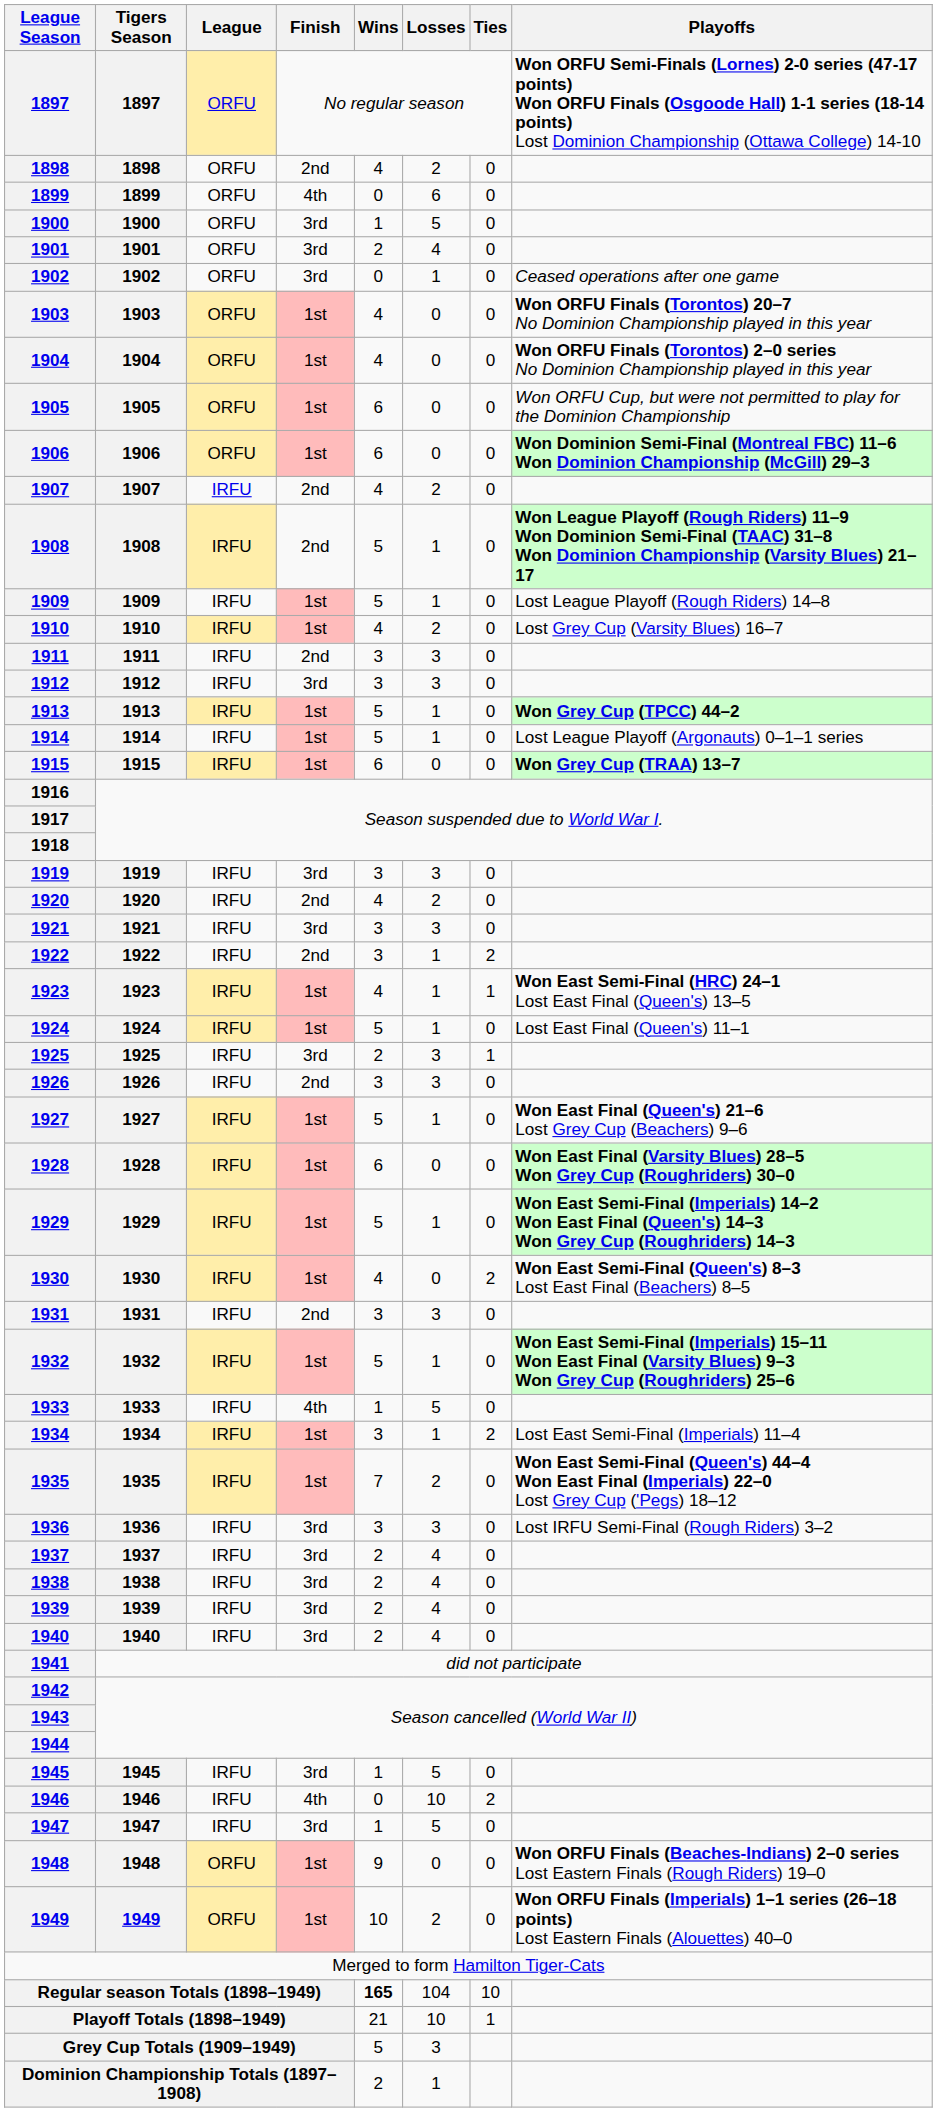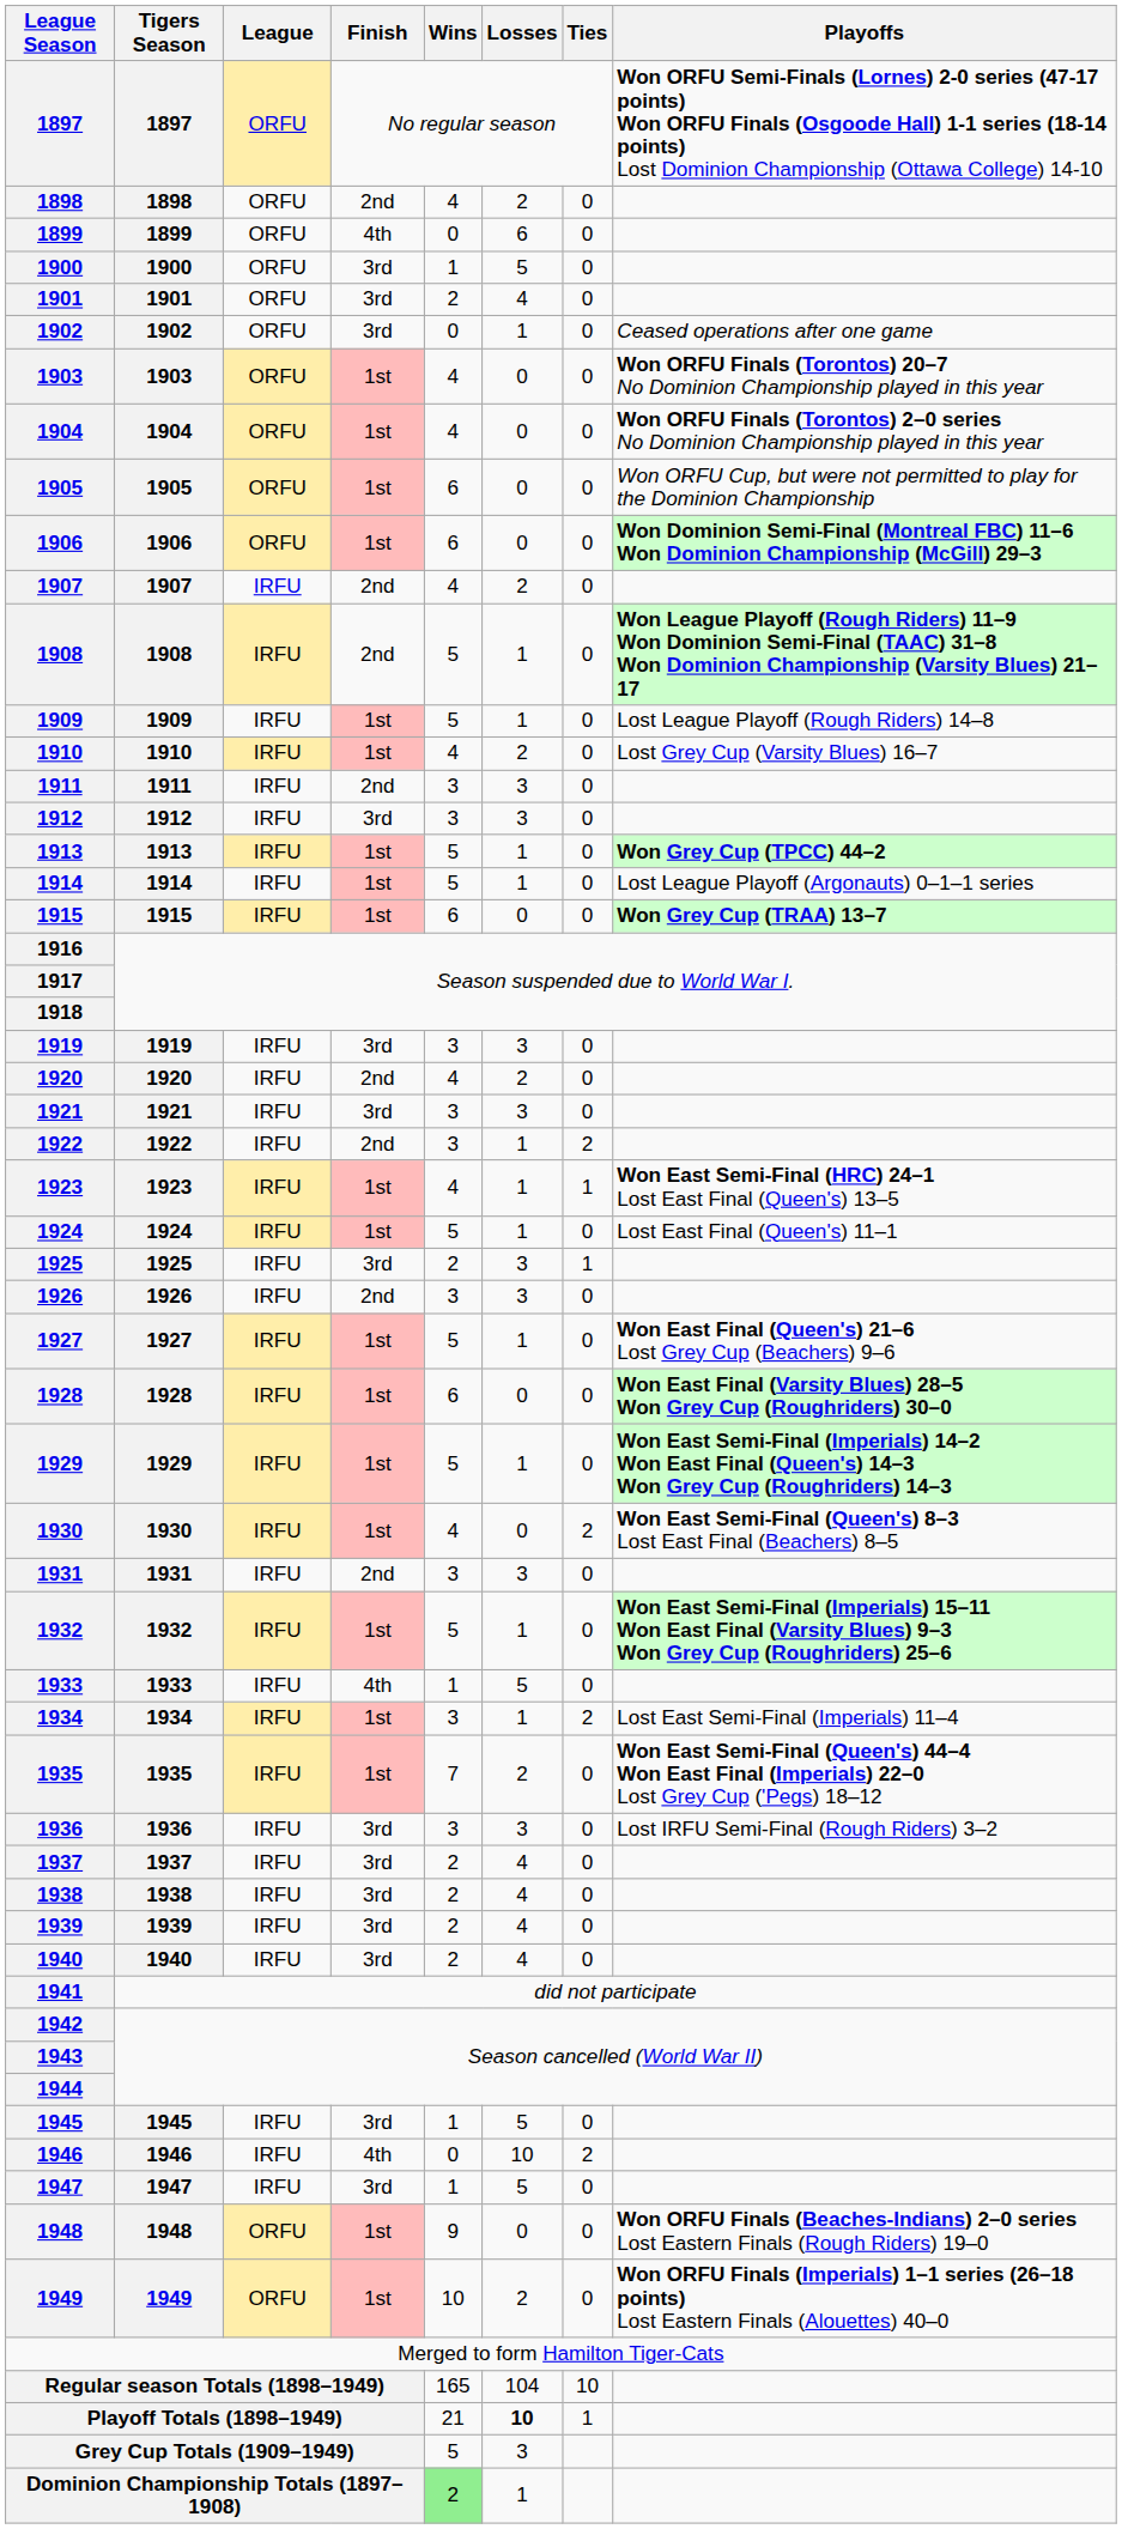 <table class="wikitable">
 <tr>
 <th><a href='#'>League<br>Season</a></th>
 <th>Tigers<br>Season</th>
 <th>League</th>
 <th>Finish</th>
 <th>Wins</th>
 <th>Losses</th>
 <th>Ties</th>
 <th>Playoffs</th>
 </tr>
 <tr>
 <th align="center"><a href='#'>1897</a></th>
 <th align="center">1897</th>
 <td style="background: #FFEEAA" align="center"><a href='#'>ORFU</a></td>
 <td align="center" colspan=4><em>No regular season</em></td>
 <td><strong>Won ORFU Semi-Finals (<a href='#'>Lornes</a>) 2-0 series (47-17 points)</strong><br><strong>Won ORFU Finals (<a href='#'>Osgoode Hall</a>) 1-1 series (18-14 points)</strong><br>Lost <a href='#'>Dominion Championship</a> (<a href='#'>Ottawa College</a>) 14-10</td>
 </tr>
 <tr>
 <th align="center"><a href='#'>1898</a></th>
 <th align="center">1898</th>
 <td align="center">ORFU</td>
 <td align="center">2nd</td>
 <td align="center">4</td>
 <td align="center">2</td>
 <td align="center">0</td>
 <td></td>
 </tr>
 <tr>
 <th align="center"><a href='#'>1899</a></th>
 <th align="center">1899</th>
 <td align="center">ORFU</td>
 <td align="center">4th</td>
 <td align="center">0</td>
 <td align="center">6</td>
 <td align="center">0</td>
 <td></td>
 </tr>
 <tr>
 <th align="center"><a href='#'>1900</a></th>
 <th align="center">1900</th>
 <td align="center">ORFU</td>
 <td align="center">3rd</td>
 <td align="center">1</td>
 <td align="center">5</td>
 <td align="center">0</td>
 <td></td>
 </tr>
 <tr>
 <th align="center"><a href='#'>1901</a></th>
 <th align="center">1901</th>
 <td align="center">ORFU</td>
 <td align="center">3rd</td>
 <td align="center">2</td>
 <td align="center">4</td>
 <td align="center">0</td>
 <td></td>
 </tr>
 <tr>
 <th align="center"><a href='#'>1902</a></th>
 <th align="center">1902</th>
 <td align="center">ORFU</td>
 <td align="center">3rd</td>
 <td align="center">0</td>
 <td align="center">1</td>
 <td align="center">0</td>
 <td><em>Ceased operations after one game</em></td>
 </tr>
 <tr>
 <th align="center"><a href='#'>1903</a></th>
 <th align="center">1903</th>
 <td style="background: #FFEEAA" align="center">ORFU</td>
 <td align="center" bgcolor="#ffbbbb">1st</td>
 <td align="center">4</td>
 <td align="center">0</td>
 <td align="center">0</td>
 <td><strong>Won ORFU Finals (<a href='#'>Torontos</a>) 20–7</strong><br><em>No Dominion Championship played in this year</em></td>
 </tr>
 <tr>
 <th align="center"><a href='#'>1904</a></th>
 <th align="center">1904</th>
 <td style="background: #FFEEAA" align="center">ORFU</td>
 <td align="center" bgcolor="#ffbbbb">1st</td>
 <td align="center">4</td>
 <td align="center">0</td>
 <td align="center">0</td>
 <td><strong>Won ORFU Finals (<a href='#'>Torontos</a>) 2–0 series</strong><br><em>No Dominion Championship played in this year</em></td>
 </tr>
 <tr>
 <th align="center"><a href='#'>1905</a></th>
 <th align="center">1905</th>
 <td style="background: #FFEEAA" align="center">ORFU</td>
 <td align="center" bgcolor="#ffbbbb">1st</td>
 <td align="center">6</td>
 <td align="center">0</td>
 <td align="center">0</td>
 <td><em>Won ORFU Cup, but were not permitted to play for</em><br><em>the Dominion Championship</em></td>
 </tr>
 <tr>
 <th align="center"><a href='#'>1906</a></th>
 <th align="center">1906</th>
 <td style="background: #FFEEAA" align="center">ORFU</td>
 <td align="center" bgcolor="#ffbbbb">1st</td>
 <td align="center">6</td>
 <td align="center">0</td>
 <td align="center">0</td>
 <td style="background: #CCFFCC;"><strong>Won Dominion Semi-Final (<a href='#'>Montreal FBC</a>) 11–6</strong><br><strong>Won <a href='#'>Dominion Championship</a> (<a href='#'>McGill</a>) 29–3</strong></td>
 </tr>
 <tr>
 <th align="center"><a href='#'>1907</a></th>
 <th align="center">1907</th>
 <td align="center"><a href='#'>IRFU</a></td>
 <td align="center">2nd</td>
 <td align="center">4</td>
 <td align="center">2</td>
 <td align="center">0</td>
 <td></td>
 </tr>
 <tr>
 <th align="center"><a href='#'>1908</a></th>
 <th align="center">1908</th>
 <td style="background: #FFEEAA" align="center">IRFU</td>
 <td align="center">2nd</td>
 <td align="center">5</td>
 <td align="center">1</td>
 <td align="center">0</td>
 <td style="background: #CCFFCC;"><strong>Won League Playoff (<a href='#'>Rough Riders</a>) 11–9</strong><br><strong>Won Dominion Semi-Final (<a href='#'>TAAC</a>) 31–8</strong><br><strong>Won <a href='#'>Dominion Championship</a> (<a href='#'>Varsity Blues</a>) 21–17</strong></td>
 </tr>
 <tr>
 <th align="center"><a href='#'>1909</a></th>
 <th align="center">1909</th>
 <td align="center">IRFU</td>
 <td align="center" bgcolor="#ffbbbb">1st</td>
 <td align="center">5</td>
 <td align="center">1</td>
 <td align="center">0</td>
 <td>Lost League Playoff (<a href='#'>Rough Riders</a>) 14–8</td>
 </tr>
 <tr>
 <th align="center"><a href='#'>1910</a></th>
 <th align="center">1910</th>
 <td style="background: #FFEEAA" align="center">IRFU</td>
 <td align="center" bgcolor="#ffbbbb">1st</td>
 <td align="center">4</td>
 <td align="center">2</td>
 <td align="center">0</td>
 <td>Lost <a href='#'>Grey Cup</a> (<a href='#'>Varsity Blues</a>) 16–7</td>
 </tr>
 <tr>
 <th align="center"><a href='#'>1911</a></th>
 <th align="center">1911</th>
 <td align="center">IRFU</td>
 <td align="center">2nd</td>
 <td align="center">3</td>
 <td align="center">3</td>
 <td align="center">0</td>
 <td></td>
 </tr>
 <tr>
 <th align="center"><a href='#'>1912</a></th>
 <th align="center">1912</th>
 <td align="center">IRFU</td>
 <td align="center">3rd</td>
 <td align="center">3</td>
 <td align="center">3</td>
 <td align="center">0</td>
 <td></td>
 </tr>
 <tr>
 <th align="center"><a href='#'>1913</a></th>
 <th align="center">1913</th>
 <td style="background: #FFEEAA" align="center">IRFU</td>
 <td align="center" bgcolor="#ffbbbb">1st</td>
 <td align="center">5</td>
 <td align="center">1</td>
 <td align="center">0</td>
 <td style="background: #CCFFCC;"><strong>Won <a href='#'>Grey Cup</a> (<a href='#'>TPCC</a>) 44–2</strong></td>
 </tr>
 <tr>
 <th align="center"><a href='#'>1914</a></th>
 <th align="center">1914</th>
 <td align="center">IRFU</td>
 <td align="center" bgcolor="#ffbbbb">1st</td>
 <td align="center">5</td>
 <td align="center">1</td>
 <td align="center">0</td>
 <td>Lost League Playoff (<a href='#'>Argonauts</a>) 0–1–1 series</td>
 </tr>
 <tr>
 <th align="center"><a href='#'>1915</a></th>
 <th align="center">1915</th>
 <td style="background: #FFEEAA" align="center">IRFU</td>
 <td align="center" bgcolor="#ffbbbb">1st</td>
 <td align="center">6</td>
 <td align="center">0</td>
 <td align="center">0</td>
 <td style="background: #CCFFCC;"><strong>Won <a href='#'>Grey Cup</a> (<a href='#'>TRAA</a>) 13–7</strong></td>
 </tr>
 <tr>
 <th align="center">1916</th>
 <td colspan="7" rowspan="3" align="center"><em>Season suspended due to <a href='#'>World War I</a>.</em></td>
 </tr>
 <tr>
 <th align="center">1917</th>
 </tr>
 <tr>
 <th align="center">1918</th>
 </tr>
 <tr>
 <th align="center"><a href='#'>1919</a></th>
 <th align="center">1919</th>
 <td align="center">IRFU</td>
 <td align="center">3rd</td>
 <td align="center">3</td>
 <td align="center">3</td>
 <td align="center">0</td>
 <td></td>
 </tr>
 <tr>
 <th align="center"><a href='#'>1920</a></th>
 <th align="center">1920</th>
 <td align="center">IRFU</td>
 <td align="center">2nd</td>
 <td align="center">4</td>
 <td align="center">2</td>
 <td align="center">0</td>
 <td></td>
 </tr>
 <tr>
 <th align="center"><a href='#'>1921</a></th>
 <th align="center">1921</th>
 <td align="center">IRFU</td>
 <td align="center">3rd</td>
 <td align="center">3</td>
 <td align="center">3</td>
 <td align="center">0</td>
 <td></td>
 </tr>
 <tr>
 <th align="center"><a href='#'>1922</a></th>
 <th align="center">1922</th>
 <td align="center">IRFU</td>
 <td align="center">2nd</td>
 <td align="center">3</td>
 <td align="center">1</td>
 <td align="center">2</td>
 <td></td>
 </tr>
 <tr>
 <th align="center"><a href='#'>1923</a></th>
 <th align="center">1923</th>
 <td style="background: #FFEEAA" align="center">IRFU</td>
 <td align="center" bgcolor="#ffbbbb">1st</td>
 <td align="center">4</td>
 <td align="center">1</td>
 <td align="center">1</td>
 <td><strong>Won East Semi-Final (<a href='#'>HRC</a>) 24–1</strong><br>Lost East Final (<a href='#'>Queen's</a>) 13–5</td>
 </tr>
 <tr>
 <th align="center"><a href='#'>1924</a></th>
 <th align="center">1924</th>
 <td style="background: #FFEEAA" align="center">IRFU</td>
 <td align="center" bgcolor="#ffbbbb">1st</td>
 <td align="center">5</td>
 <td align="center">1</td>
 <td align="center">0</td>
 <td>Lost East Final (<a href='#'>Queen's</a>) 11–1</td>
 </tr>
 <tr>
 <th align="center"><a href='#'>1925</a></th>
 <th align="center">1925</th>
 <td align="center">IRFU</td>
 <td align="center">3rd</td>
 <td align="center">2</td>
 <td align="center">3</td>
 <td align="center">1</td>
 <td></td>
 </tr>
 <tr>
 <th align="center"><a href='#'>1926</a></th>
 <th align="center">1926</th>
 <td align="center">IRFU</td>
 <td align="center">2nd</td>
 <td align="center">3</td>
 <td align="center">3</td>
 <td align="center">0</td>
 <td></td>
 </tr>
 <tr>
 <th align="center"><a href='#'>1927</a></th>
 <th align="center">1927</th>
 <td style="background: #FFEEAA" align="center">IRFU</td>
 <td align="center" bgcolor="#ffbbbb">1st</td>
 <td align="center">5</td>
 <td align="center">1</td>
 <td align="center">0</td>
 <td><strong>Won East Final (<a href='#'>Queen's</a>) 21–6</strong><br>Lost <a href='#'>Grey Cup</a> (<a href='#'>Beachers</a>) 9–6</td>
 </tr>
 <tr>
 <th align="center"><a href='#'>1928</a></th>
 <th align="center">1928</th>
 <td style="background: #FFEEAA" align="center">IRFU</td>
 <td align="center" bgcolor="#ffbbbb">1st</td>
 <td align="center">6</td>
 <td align="center">0</td>
 <td align="center">0</td>
 <td style="background: #CCFFCC;"><strong>Won East Final (<a href='#'>Varsity Blues</a>) 28–5</strong><br><strong>Won <a href='#'>Grey Cup</a> (<a href='#'>Roughriders</a>) 30–0</strong></td>
 </tr>
 <tr>
 <th align="center"><a href='#'>1929</a></th>
 <th align="center">1929</th>
 <td style="background: #FFEEAA" align="center">IRFU</td>
 <td align="center" bgcolor="#ffbbbb">1st</td>
 <td align="center">5</td>
 <td align="center">1</td>
 <td align="center">0</td>
 <td style="background: #CCFFCC;"><strong>Won East Semi-Final (<a href='#'>Imperials</a>) 14–2</strong><br><strong>Won East Final (<a href='#'>Queen's</a>) 14–3</strong><br><strong>Won <a href='#'>Grey Cup</a> (<a href='#'>Roughriders</a>) 14–3</strong></td>
 </tr>
 <tr>
 <th align="center"><a href='#'>1930</a></th>
 <th align="center">1930</th>
 <td style="background: #FFEEAA" align="center">IRFU</td>
 <td align="center" bgcolor="#ffbbbb">1st</td>
 <td align="center">4</td>
 <td align="center">0</td>
 <td align="center">2</td>
 <td><strong>Won East Semi-Final (<a href='#'>Queen's</a>) 8–3</strong><br>Lost East Final (<a href='#'>Beachers</a>) 8–5</td>
 </tr>
 <tr>
 <th align="center"><a href='#'>1931</a></th>
 <th align="center">1931</th>
 <td align="center">IRFU</td>
 <td align="center">2nd</td>
 <td align="center">3</td>
 <td align="center">3</td>
 <td align="center">0</td>
 <td></td>
 </tr>
 <tr>
 <th align="center"><a href='#'>1932</a></th>
 <th align="center">1932</th>
 <td style="background: #FFEEAA" align="center">IRFU</td>
 <td align="center" bgcolor="#ffbbbb">1st</td>
 <td align="center">5</td>
 <td align="center">1</td>
 <td align="center">0</td>
 <td style="background: #CCFFCC;"><strong>Won East Semi-Final (<a href='#'>Imperials</a>) 15–11</strong><br><strong>Won East Final (<a href='#'>Varsity Blues</a>) 9–3</strong><br><strong>Won <a href='#'>Grey Cup</a> (<a href='#'>Roughriders</a>) 25–6</strong></td>
 </tr>
 <tr>
 <th align="center"><a href='#'>1933</a></th>
 <th align="center">1933</th>
 <td align="center">IRFU</td>
 <td align="center">4th</td>
 <td align="center">1</td>
 <td align="center">5</td>
 <td align="center">0</td>
 <td></td>
 </tr>
 <tr>
 <th align="center"><a href='#'>1934</a></th>
 <th align="center">1934</th>
 <td style="background: #FFEEAA" align="center">IRFU</td>
 <td align="center" bgcolor="#ffbbbb">1st</td>
 <td align="center">3</td>
 <td align="center">1</td>
 <td align="center">2</td>
 <td>Lost East Semi-Final (<a href='#'>Imperials</a>) 11–4</td>
 </tr>
 <tr>
 <th align="center"><a href='#'>1935</a></th>
 <th align="center">1935</th>
 <td style="background: #FFEEAA" align="center">IRFU</td>
 <td align="center" bgcolor="#ffbbbb">1st</td>
 <td align="center">7</td>
 <td align="center">2</td>
 <td align="center">0</td>
 <td><strong>Won East Semi-Final (<a href='#'>Queen's</a>) 44–4</strong><br><strong>Won East Final (<a href='#'>Imperials</a>) 22–0</strong><br>Lost <a href='#'>Grey Cup</a> (<a href='#'>'Pegs</a>) 18–12</td>
 </tr>
 <tr>
 <th align="center"><a href='#'>1936</a></th>
 <th align="center">1936</th>
 <td align="center">IRFU</td>
 <td align="center">3rd</td>
 <td align="center">3</td>
 <td align="center">3</td>
 <td align="center">0</td>
 <td>Lost IRFU Semi-Final (<a href='#'>Rough Riders</a>) 3–2</td>
 </tr>
 <tr>
 <th align="center"><a href='#'>1937</a></th>
 <th align="center">1937</th>
 <td align="center">IRFU</td>
 <td align="center">3rd</td>
 <td align="center">2</td>
 <td align="center">4</td>
 <td align="center">0</td>
 <td></td>
 </tr>
 <tr>
 <th align="center"><a href='#'>1938</a></th>
 <th align="center">1938</th>
 <td align="center">IRFU</td>
 <td align="center">3rd</td>
 <td align="center">2</td>
 <td align="center">4</td>
 <td align="center">0</td>
 <td></td>
 </tr>
 <tr>
 <th align="center"><a href='#'>1939</a></th>
 <th align="center">1939</th>
 <td align="center">IRFU</td>
 <td align="center">3rd</td>
 <td align="center">2</td>
 <td align="center">4</td>
 <td align="center">0</td>
 <td></td>
 </tr>
 <tr>
 <th align="center"><a href='#'>1940</a></th>
 <th align="center">1940</th>
 <td align="center">IRFU</td>
 <td align="center">3rd</td>
 <td align="center">2</td>
 <td align="center">4</td>
 <td align="center">0</td>
 <td></td>
 </tr>
 <tr>
 <th align="center"><a href='#'>1941</a></th>
 <td align="center" colspan="7"><em>did not participate</em></td>
 </tr>
 <tr>
 <th align="center"><a href='#'>1942</a></th>
 <td colspan="7" rowspan="3" align="center"><em>Season cancelled (<a href='#'>World War II</a>)</em></td>
 </tr>
 <tr>
 <th align="center"><a href='#'>1943</a></th>
 </tr>
 <tr>
 <th align="center"><a href='#'>1944</a></th>
 </tr>
 <tr>
 <th align="center"><a href='#'>1945</a></th>
 <th align="center">1945</th>
 <td align="center">IRFU</td>
 <td align="center">3rd</td>
 <td align="center">1</td>
 <td align="center">5</td>
 <td align="center">0</td>
 <td></td>
 </tr>
 <tr>
 <th align="center"><a href='#'>1946</a></th>
 <th align="center">1946</th>
 <td align="center">IRFU</td>
 <td align="center">4th</td>
 <td align="center">0</td>
 <td align="center">10</td>
 <td align="center">2</td>
 <td></td>
 </tr>
 <tr>
 <th align="center"><a href='#'>1947</a></th>
 <th align="center">1947</th>
 <td align="center">IRFU</td>
 <td align="center">3rd</td>
 <td align="center">1</td>
 <td align="center">5</td>
 <td align="center">0</td>
 <td></td>
 </tr>
 <tr>
 <th align="center"><a href='#'>1948</a></th>
 <th align="center">1948</th>
 <td style="background: #FFEEAA" align="center">ORFU</td>
 <td align="center" bgcolor="#ffbbbb">1st</td>
 <td align="center">9</td>
 <td align="center">0</td>
 <td align="center">0</td>
 <td><strong>Won ORFU Finals (<a href='#'>Beaches-</a><a href='#'>Indians</a>) 2–0 series</strong><br>Lost Eastern Finals (<a href='#'>Rough Riders</a>) 19–0</td>
 </tr>
 <tr>
 <th align="center"><a href='#'>1949</a></th>
 <th align="center"><a href='#'>1949</a></th>
 <td style="background: #FFEEAA" align="center">ORFU</td>
 <td align="center" bgcolor="#ffbbbb">1st</td>
 <td align="center">10</td>
 <td align="center">2</td>
 <td align="center">0</td>
 <td><strong>Won ORFU Finals (<a href='#'>Imperials</a>) 1–1 series (26–18 points)</strong><br>Lost Eastern Finals (<a href='#'>Alouettes</a>) 40–0</td>
 </tr>
 <tr>
 <td colspan="8" align="center">Merged to form <a href='#'>Hamilton Tiger-Cats</a></td>
 </tr>
 <tr>
 <th colspan="4" align="center">Regular season Totals (1898–1949)</th>
-<td align="center"><strong>165</strong></td>
+<td align="center">165</td>
 <td align="center">104</td>
 <td align="center">10</td>
 <td></td>
 </tr>
 <tr>
 <th colspan="4" align="center">Playoff Totals (1898–1949)</th>
 <td align="center">21</td>
-<td align="center">10</td>
+<td align="center"><strong>10</strong></td>
 <td align="center">1</td>
 <td></td>
 </tr>
 <tr>
 <th colspan="4" align="center">Grey Cup Totals (1909–1949)</th>
 <td align="center">5</td>
 <td align="center">3</td>
 <td align="center"></td>
 <td></td>
 </tr>
 <tr>
 <th colspan="4" align="center">Dominion Championship Totals (1897–1908)</th>
-<td align="center">2</td>
+<td align="center" style="background: lightgreen;">2</td>
 <td align="center">1</td>
 <td align="center"></td>
 <td></td>
 </tr>
 </table>
